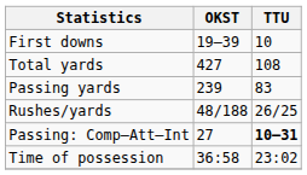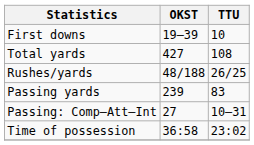 <table class="wikitable" style="float: left;">
 <tr>
 <th>Statistics</th>
 <th>OKST</th>
 <th>TTU</th>
 </tr>
 <tr>
 <td>First downs</td>
 <td>19–39</td>
 <td>10</td>
 </tr>
 <tr>
 <td>Total yards</td>
 <td>427</td>
 <td>108</td>
 </tr>
 <tr>
+<td>Rushes/yards</td>
+<td>48/188</td>
+<td>26/25</td>
+</tr>
+<tr>
 <td>Passing yards</td>
 <td>239</td>
 <td>83</td>
 </tr>
 <tr>
-<td>Rushes/yards</td>
-<td>48/188</td>
-<td>26/25</td>
-</tr>
-<tr>
 <td>Passing: Comp–Att–Int</td>
 <td>27</td>
-<td><strong>10–31</strong></td>
+<td>10–31</td>
 </tr>
 <tr>
 <td>Time of possession</td>
 <td>36:58</td>
 <td>23:02</td>
 </tr>
 <tr>
 </tr>
 </table>
